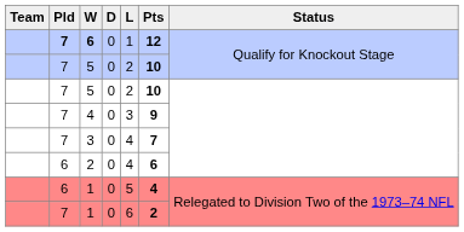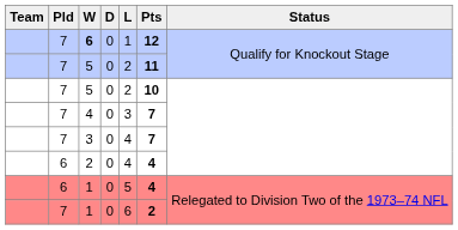 <table style=border-collapse:collapse border=1 cellspacing=0 cellpadding=5>
 <tr align=center bgcolor=#efefef>
 <th>Team</th>
 <th>Pld</th>
 <th>W</th>
 <th>D</th>
 <th>L</th>
 <th>Pts</th>
 <th>Status</th>
 </tr>
 <tr align=center style="background:#bbccff;">
 <td style="text-align:left;"> </td>
-<td><strong>7</strong></td>
+<td>7</td>
 <td><strong>6</strong></td>
 <td>0</td>
 <td>1</td>
 <td><strong>12</strong></td>
 <td rowspan=2>Qualify for Knockout Stage</td>
 </tr>
 <tr align=center style="background:#bbccff;">
 <td style="text-align:left;"> </td>
 <td>7</td>
 <td>5</td>
 <td>0</td>
 <td>2</td>
-<td><strong>10</strong></td>
+<td><strong>11</strong></td>
 </tr>
 <tr align=center style="background:#FFFFFF;">
 <td style="text-align:left;"> </td>
 <td>7</td>
 <td>5</td>
 <td>0</td>
 <td>2</td>
 <td><strong>10</strong></td>
 <td rowspan=4></td>
 </tr>
 <tr align=center style="background:#FFFFFF;">
 <td style="text-align:left;"> </td>
 <td>7</td>
 <td>4</td>
 <td>0</td>
 <td>3</td>
-<td><strong>9</strong></td>
+<td><strong>7</strong></td>
 </tr>
 <tr align=center style="background:#FFFFFF;">
 <td style="text-align:left;"> </td>
 <td>7</td>
 <td>3</td>
 <td>0</td>
 <td>4</td>
 <td><strong>7</strong></td>
 </tr>
 <tr align=center style="background:#FFFFFF;">
 <td style="text-align:left;"> </td>
 <td>6</td>
 <td>2</td>
 <td>0</td>
 <td>4</td>
-<td><strong>6</strong></td>
+<td><strong>4</strong></td>
 </tr>
 <tr align=center style="background:#FF8888;">
 <td style="text-align:left;"> </td>
 <td>6</td>
 <td>1</td>
 <td>0</td>
 <td>5</td>
 <td><strong>4</strong></td>
 <td rowspan=2>Relegated to Division Two of the <a href='#'>1973–74 NFL</a></td>
 </tr>
 <tr align=center style="background:#FF8888;">
 <td style="text-align:left;"> </td>
 <td>7</td>
 <td>1</td>
 <td>0</td>
 <td>6</td>
 <td><strong>2</strong></td>
 </tr>
 </table>
